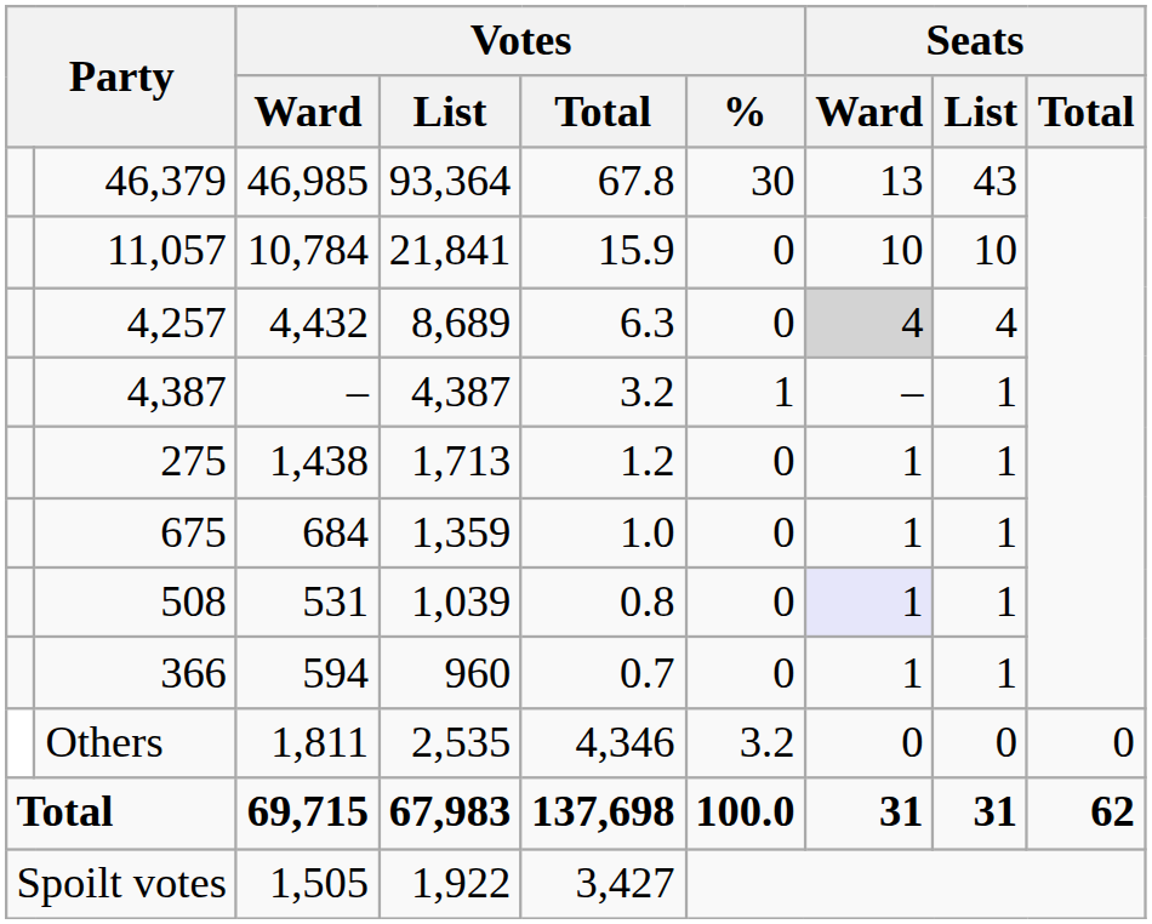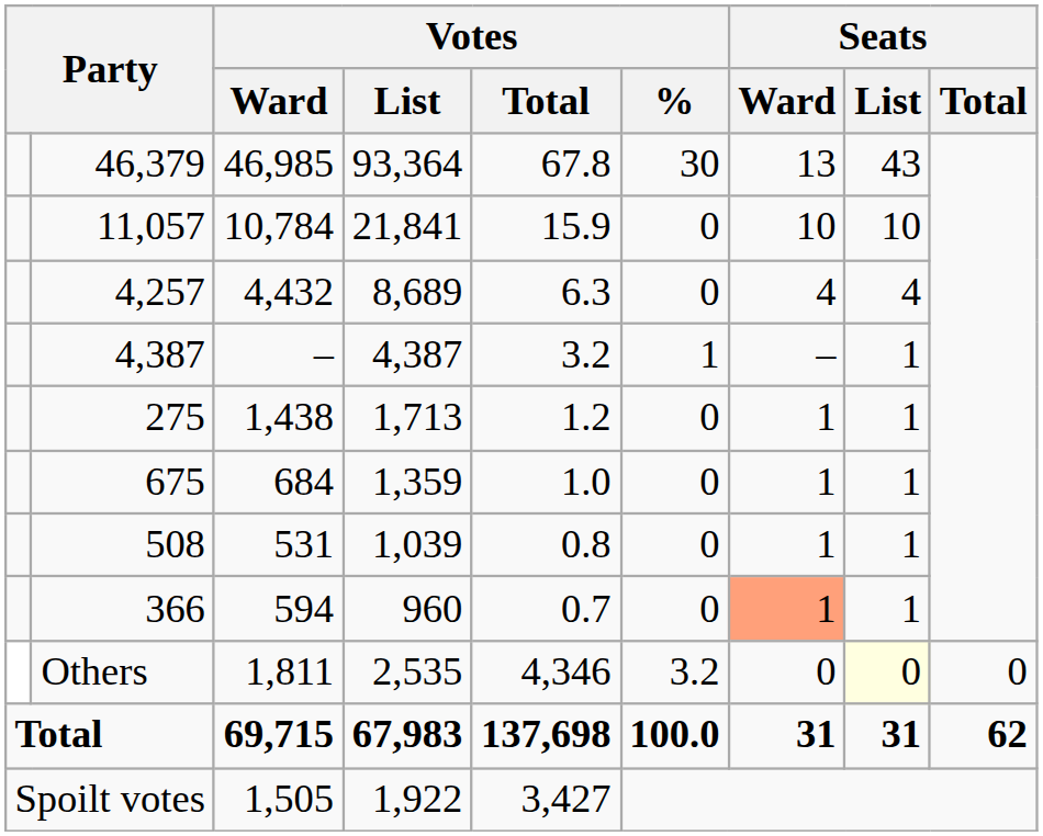 <table class=wikitable style="text-align:right">
 <tr>
 <th rowspan="2" colspan="2">Party</th>
 <th colspan="4" align="center">Votes</th>
 <th colspan="3" align="center">Seats</th>
 </tr>
 <tr>
 <th>Ward</th>
 <th>List</th>
 <th>Total</th>
 <th>%</th>
 <th>Ward</th>
 <th>List</th>
 <th>Total</th>
 </tr>
 <tr>
 <td></td>
 <td>46,379</td>
 <td>46,985</td>
 <td>93,364</td>
 <td>67.8</td>
 <td>30</td>
 <td>13</td>
 <td>43</td>
 </tr>
 <tr>
 <td></td>
 <td>11,057</td>
 <td>10,784</td>
 <td>21,841</td>
 <td>15.9</td>
 <td>0</td>
 <td>10</td>
 <td>10</td>
 </tr>
 <tr>
 <td></td>
 <td>4,257</td>
 <td>4,432</td>
 <td>8,689</td>
 <td>6.3</td>
 <td>0</td>
-<td style="background: lightgrey;">4</td>
+<td>4</td>
 <td>4</td>
 </tr>
 <tr>
 <td></td>
 <td>4,387</td>
 <td>–</td>
 <td>4,387</td>
 <td>3.2</td>
 <td>1</td>
 <td>–</td>
 <td>1</td>
 </tr>
 <tr>
 <td></td>
 <td>275</td>
 <td>1,438</td>
 <td>1,713</td>
 <td>1.2</td>
 <td>0</td>
 <td>1</td>
 <td>1</td>
 </tr>
 <tr>
 <td></td>
 <td>675</td>
 <td>684</td>
 <td>1,359</td>
 <td>1.0</td>
 <td>0</td>
 <td>1</td>
 <td>1</td>
 </tr>
 <tr>
 <td></td>
 <td>508</td>
 <td>531</td>
 <td>1,039</td>
 <td>0.8</td>
 <td>0</td>
-<td style="background: lavender;">1</td>
+<td>1</td>
 <td>1</td>
 </tr>
 <tr>
 <td></td>
 <td>366</td>
 <td>594</td>
 <td>960</td>
 <td>0.7</td>
 <td>0</td>
-<td>1</td>
+<td style="background: lightsalmon;">1</td>
 <td>1</td>
 </tr>
 <tr>
 <td style="background-color:white"></td>
 <td style="text-align:left">Others</td>
 <td>1,811</td>
 <td>2,535</td>
 <td>4,346</td>
 <td>3.2</td>
 <td>0</td>
-<td>0</td>
+<td style="background: lightyellow;">0</td>
 <td>0</td>
 </tr>
 <tr>
 <td colspan="2" style="text-align:left"><strong>Total</strong></td>
 <td><strong>69,715</strong></td>
 <td><strong>67,983</strong></td>
 <td><strong>137,698</strong></td>
 <td><strong>100.0</strong></td>
 <td><strong>31</strong></td>
 <td><strong>31</strong></td>
 <td><strong>62</strong></td>
 </tr>
 <tr>
 <td colspan="2" style="text-align:left">Spoilt votes</td>
 <td>1,505</td>
 <td>1,922</td>
 <td>3,427</td>
 </tr>
 </table>
